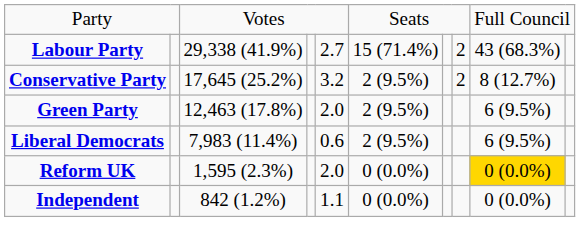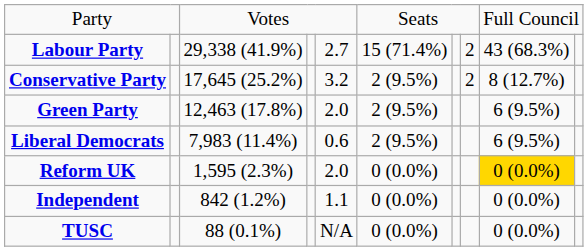 <table class=wikitable style="text-align:center;">
 <tr>
 <td colspan=2>Party</td>
 <td colspan=3>Votes</td>
 <td colspan=3>Seats</td>
 <td colspan=2>Full Council</td>
 </tr>
 <tr>
 <td><strong><a href='#'>Labour Party</a></strong></td>
 <td style="background:"></td>
 <td>29,338 (41.9%)</td>
 <td></td>
 <td> 2.7</td>
 <td>15 (71.4%)</td>
 <td></td>
 <td> 2</td>
 <td>43 (68.3%)</td>
 <td></td>
 </tr>
 <tr>
 <td><strong><a href='#'>Conservative Party</a></strong></td>
 <td style="background:"></td>
 <td>17,645 (25.2%)</td>
 <td></td>
 <td> 3.2</td>
 <td>2 (9.5%)</td>
 <td></td>
 <td> 2</td>
 <td>8 (12.7%)</td>
 <td></td>
 </tr>
 <tr>
 <td><strong><a href='#'>Green Party</a></strong></td>
 <td style="background:"></td>
 <td>12,463 (17.8%)</td>
 <td></td>
 <td> 2.0</td>
 <td>2 (9.5%)</td>
 <td></td>
 <td></td>
 <td>6 (9.5%)</td>
 <td></td>
 </tr>
 <tr>
 <td><strong><a href='#'>Liberal Democrats</a></strong></td>
 <td style="background:"></td>
 <td>7,983 (11.4%)</td>
 <td></td>
 <td> 0.6</td>
 <td>2 (9.5%)</td>
 <td></td>
 <td></td>
 <td>6 (9.5%)</td>
 <td></td>
 </tr>
 <tr>
 <td><strong><a href='#'>Reform UK</a></strong></td>
 <td style="background:"></td>
 <td>1,595 (2.3%)</td>
 <td></td>
 <td> 2.0</td>
 <td>0 (0.0%)</td>
 <td></td>
 <td></td>
 <td style="background: gold;">0 (0.0%)</td>
 <td></td>
 </tr>
 <tr>
 <td><strong><a href='#'>Independent</a></strong></td>
 <td style="background:"></td>
 <td>842 (1.2%)</td>
 <td></td>
 <td> 1.1</td>
 <td>0 (0.0%)</td>
 <td></td>
 <td></td>
 <td>0 (0.0%)</td>
 <td></td>
 </tr>
+<tr>
+<td><strong><a href='#'>TUSC</a></strong></td>
+<td style="background:"></td>
+<td>88 (0.1%)</td>
+<td></td>
+<td>N/A</td>
+<td>0 (0.0%)</td>
+<td></td>
+<td></td>
+<td>0 (0.0%)</td>
+<td></td>
+</tr>
 </table>
